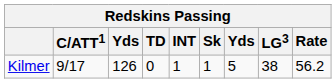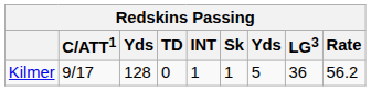 <table class="wikitable">
 <tr>
 <th colspan="9">Redskins Passing</th>
 </tr>
 <tr>
 <th></th>
 <th>C/ATT<sup>1</sup></th>
 <th>Yds</th>
 <th>TD</th>
 <th>INT</th>
 <th>Sk</th>
 <th>Yds</th>
 <th>LG<sup>3</sup></th>
 <th>Rate</th>
 </tr>
 <tr>
 <td><a href='#'>Kilmer</a></td>
 <td>9/17</td>
-<td>126</td>
+<td>128</td>
 <td>0</td>
 <td>1</td>
 <td>1</td>
 <td>5</td>
-<td>38</td>
+<td>36</td>
 <td>56.2</td>
 </tr>
 </table>
